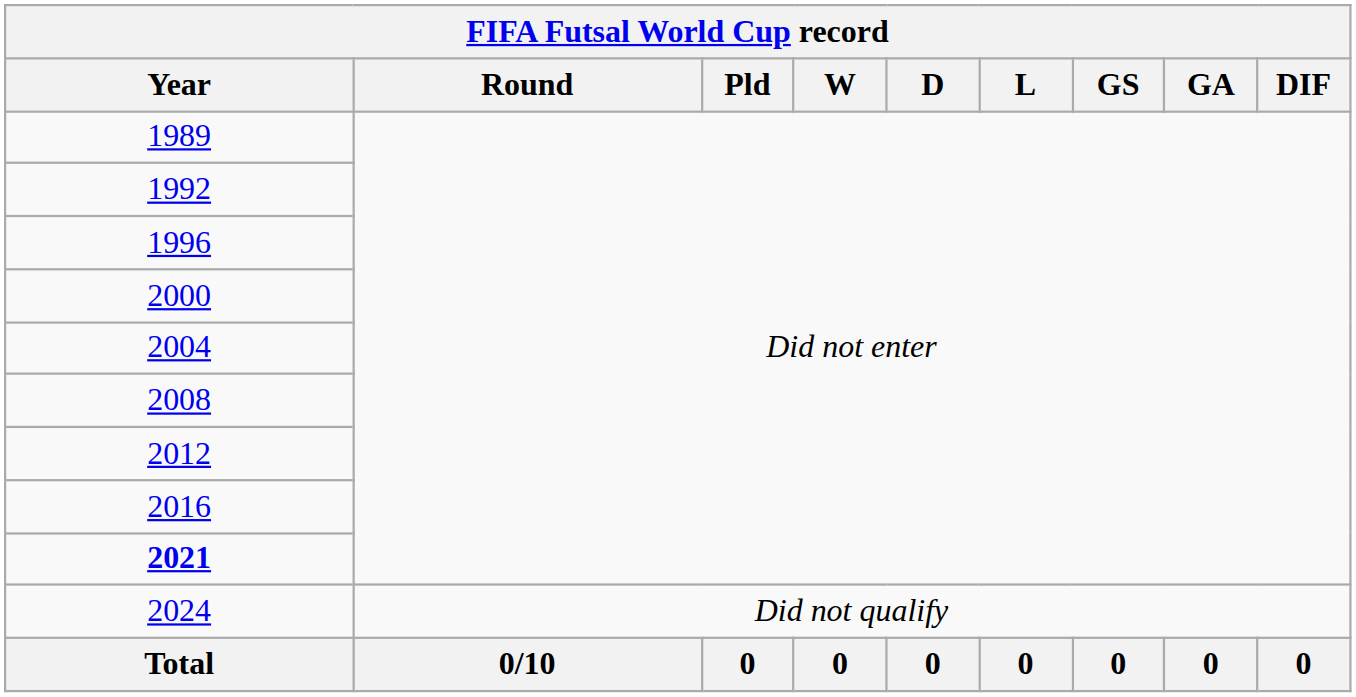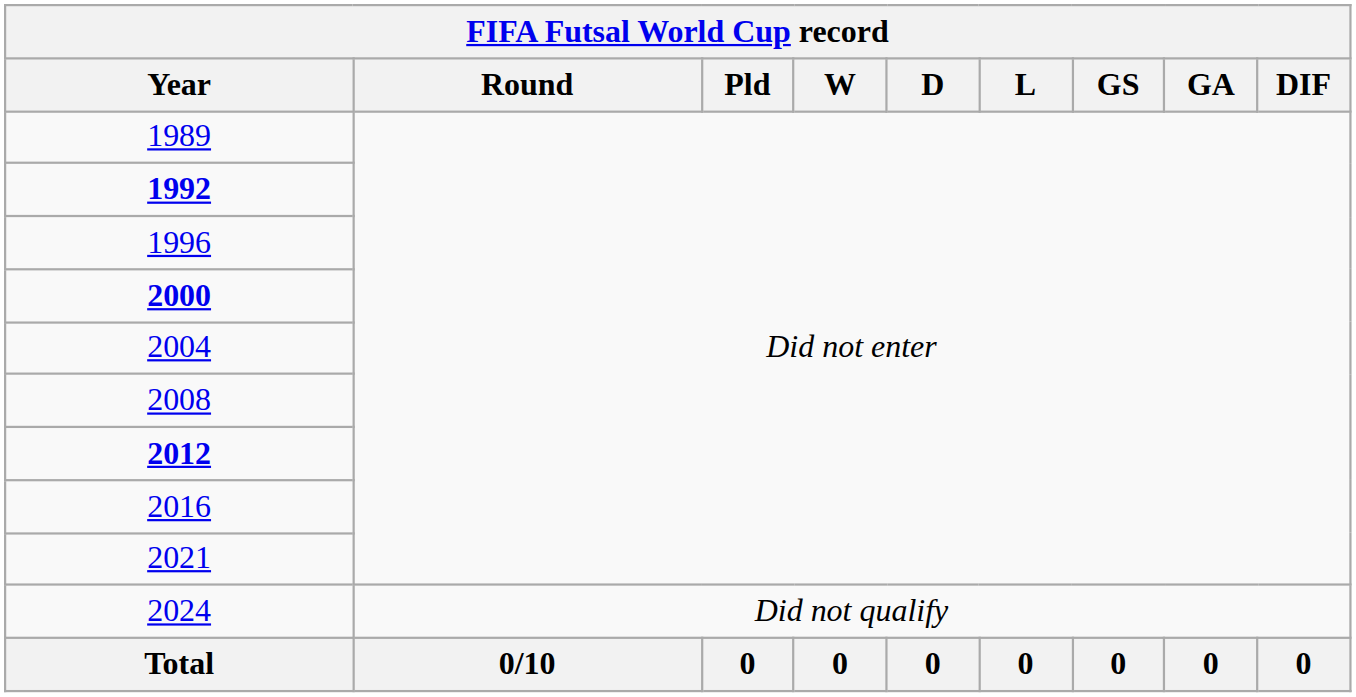 <table class="wikitable" style="text-align: center;font-size:90%;">
 <tr>
 <th colspan=9><a href='#'>FIFA Futsal World Cup</a> record</th>
 </tr>
 <tr>
 <th width=150>Year</th>
 <th width=150>Round</th>
 <th width=35>Pld</th>
 <th width=35>W</th>
 <th width=35>D</th>
 <th width=35>L</th>
 <th width=35>GS</th>
 <th width=35>GA</th>
 <th width=35>DIF</th>
 </tr>
 <tr>
 <td> <a href='#'>1989</a></td>
 <td colspan=8 rowspan=9><em>Did not enter</em></td>
 </tr>
 <tr>
-<td> <a href='#'>1992</a></td>
+<td><strong> <a href='#'>1992</a></strong></td>
 </tr>
 <tr>
 <td> <a href='#'>1996</a></td>
 </tr>
 <tr>
-<td> <a href='#'>2000</a></td>
+<td><strong> <a href='#'>2000</a></strong></td>
 </tr>
 <tr>
 <td> <a href='#'>2004</a></td>
 </tr>
 <tr>
 <td> <a href='#'>2008</a></td>
 </tr>
 <tr>
-<td> <a href='#'>2012</a></td>
+<td><strong> <a href='#'>2012</a></strong></td>
 </tr>
 <tr>
 <td> <a href='#'>2016</a></td>
 </tr>
 <tr>
-<td><strong> <a href='#'>2021</a></strong></td>
+<td> <a href='#'>2021</a></td>
 </tr>
 <tr>
 <td> <a href='#'>2024</a></td>
 <td colspan=8><em>Did not qualify</em></td>
 </tr>
 <tr>
 <th><strong>Total</strong></th>
 <th>0/10</th>
 <th>0</th>
 <th>0</th>
 <th>0</th>
 <th>0</th>
 <th>0</th>
 <th>0</th>
 <th>0</th>
 </tr>
 </table>
